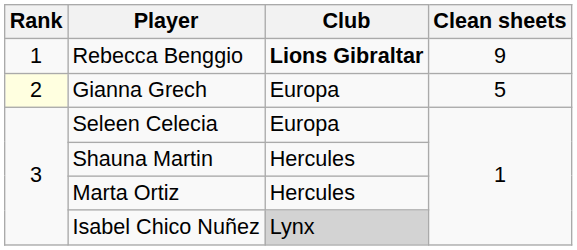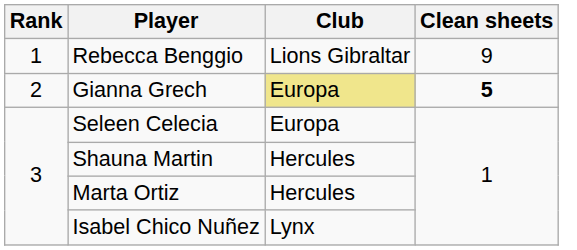 <table class="wikitable" style="text-align:center">
 <tr>
 <th>Rank</th>
 <th>Player</th>
 <th>Club</th>
 <th>Clean sheets</th>
 </tr>
 <tr>
 <td rowspan=1>1</td>
 <td align="left"> Rebecca Benggio</td>
-<td align="left"><strong>Lions Gibraltar</strong></td>
+<td align="left">Lions Gibraltar</td>
 <td rowspan=1>9</td>
 </tr>
 <tr>
-<td rowspan=1 style="background: lightyellow;">2</td>
+<td rowspan=1>2</td>
 <td align="left"> Gianna Grech</td>
-<td align="left">Europa</td>
-<td rowspan=1>5</td>
+<td align="left" style="background: khaki;">Europa</td>
+<td rowspan=1><strong>5</strong></td>
 </tr>
 <tr>
 <td rowspan=4>3</td>
 <td align="left"> Seleen Celecia</td>
 <td align="left">Europa</td>
 <td rowspan=4>1</td>
 </tr>
 <tr>
 <td align="left"> Shauna Martin</td>
 <td align="left">Hercules</td>
 </tr>
 <tr>
 <td align="left"> Marta Ortiz</td>
 <td align="left">Hercules</td>
 </tr>
 <tr>
 <td align="left"> Isabel Chico Nuñez</td>
-<td align="left" style="background: lightgrey;">Lynx</td>
+<td align="left">Lynx</td>
 </tr>
 </table>
